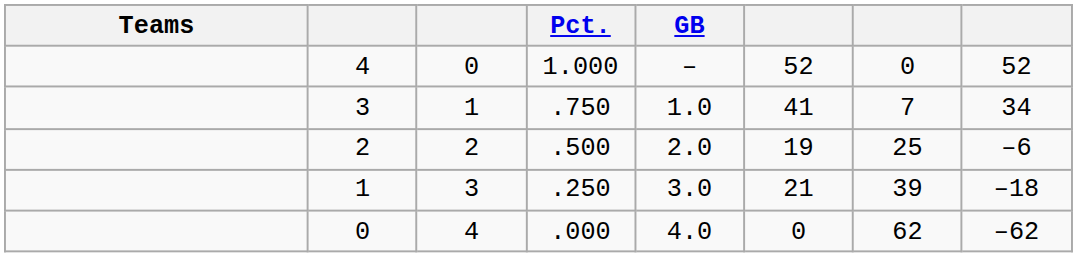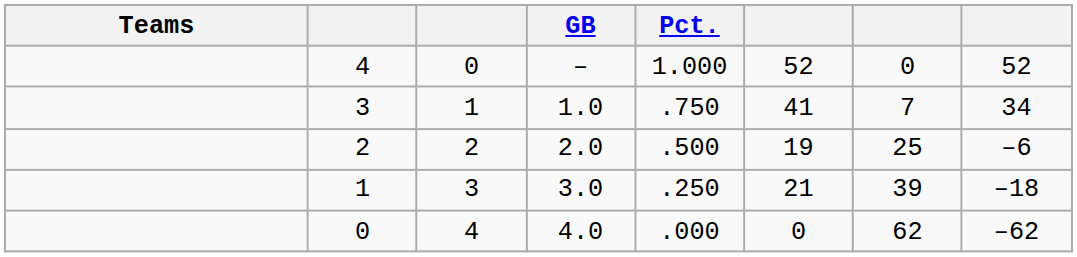 <table class="wikitable" style="text-align:center;">
 <tr>
 <th width="150px">Teams</th>
 <th width="50px"></th>
 <th width="50px"></th>
+<th width="50px"><a href='#'>GB</a></th>
 <th width="50px"><a href='#'>Pct.</a></th>
-<th width="50px"><a href='#'>GB</a></th>
 <th width="50px"></th>
 <th width="50px"></th>
 <th width="50px"></th>
 </tr>
 <tr style="background-color:">
 <td align="left"></td>
 <td>4</td>
 <td>0</td>
+<td>–</td>
 <td>1.000</td>
-<td>–</td>
 <td>52</td>
 <td>0</td>
 <td>52</td>
 </tr>
 <tr style="background-color:">
 <td align="left"></td>
 <td>3</td>
 <td>1</td>
+<td>1.0</td>
 <td>.750</td>
-<td>1.0</td>
 <td>41</td>
 <td>7</td>
 <td>34</td>
 </tr>
 <tr style="background-color:">
 <td align="left"></td>
 <td>2</td>
 <td>2</td>
+<td>2.0</td>
 <td>.500</td>
-<td>2.0</td>
 <td>19</td>
 <td>25</td>
 <td>–6</td>
 </tr>
 <tr style="background-color:">
 <td align="left"></td>
 <td>1</td>
 <td>3</td>
+<td>3.0</td>
 <td>.250</td>
-<td>3.0</td>
 <td>21</td>
 <td>39</td>
 <td>–18</td>
 </tr>
 <tr style="background-color:">
 <td align="left"></td>
 <td>0</td>
 <td>4</td>
+<td>4.0</td>
 <td>.000</td>
-<td>4.0</td>
 <td>0</td>
 <td>62</td>
 <td>–62</td>
 </tr>
 </table>
